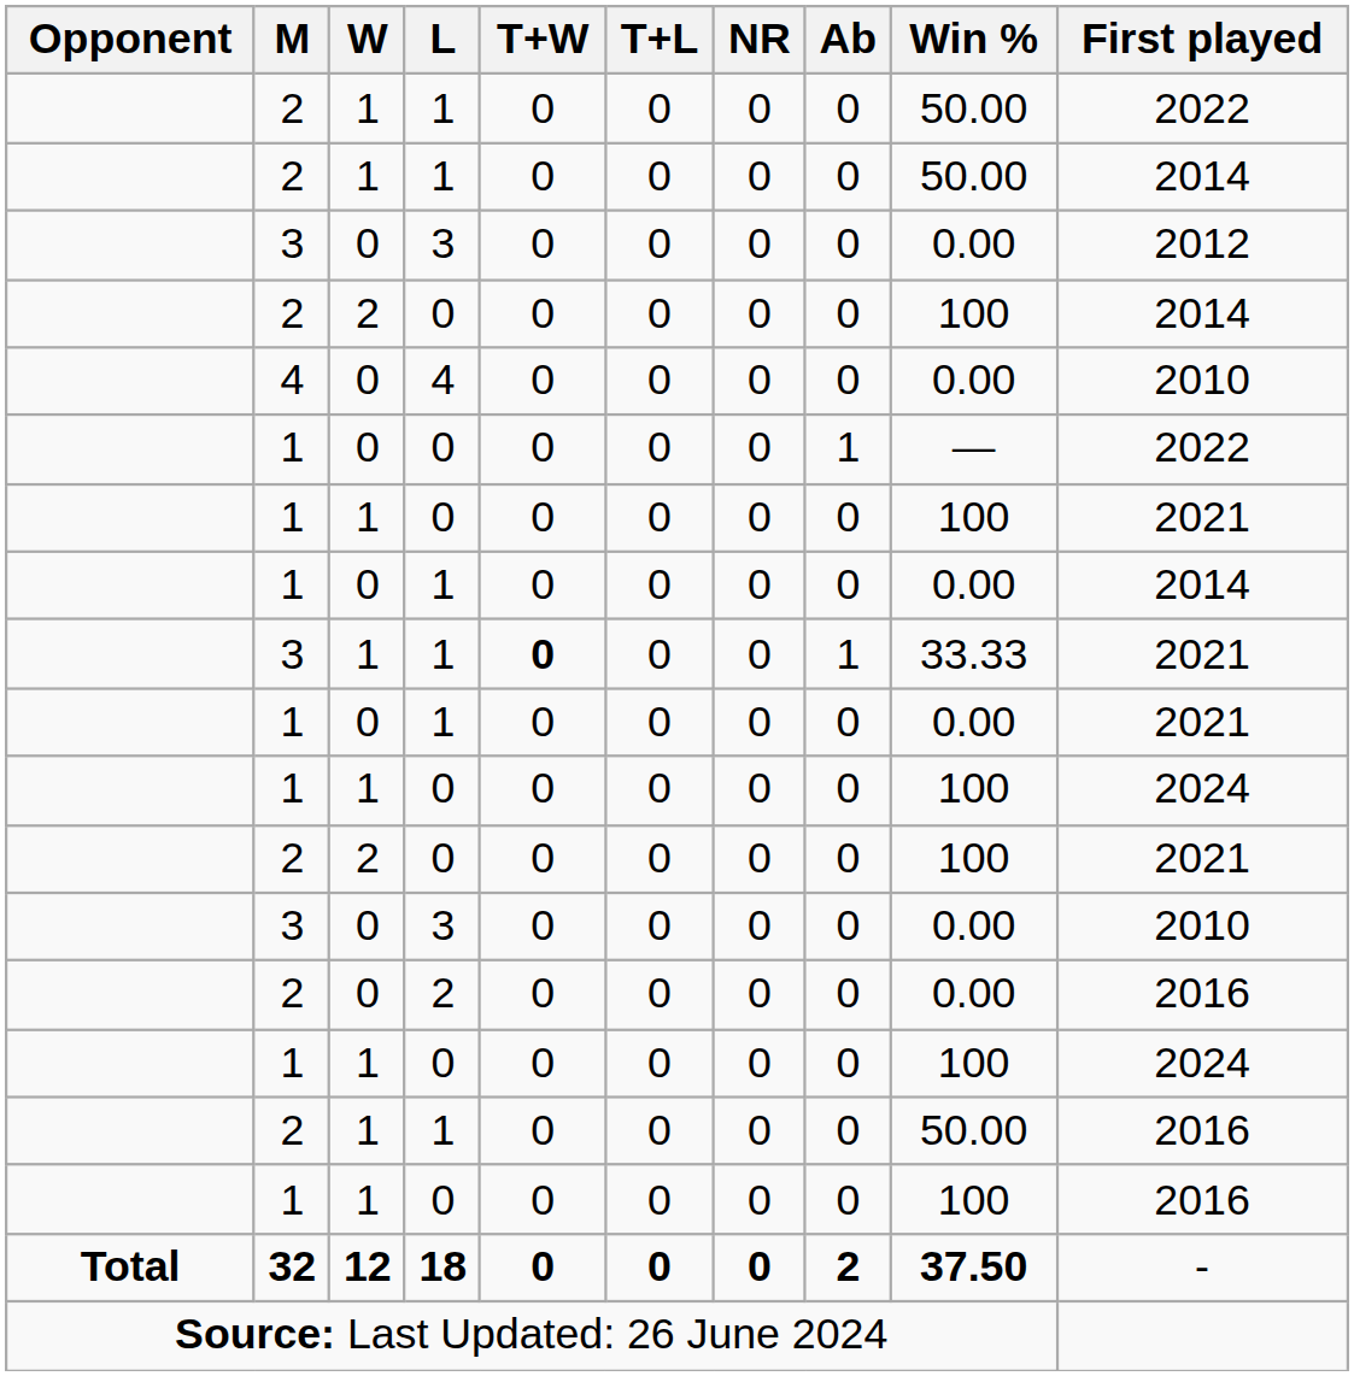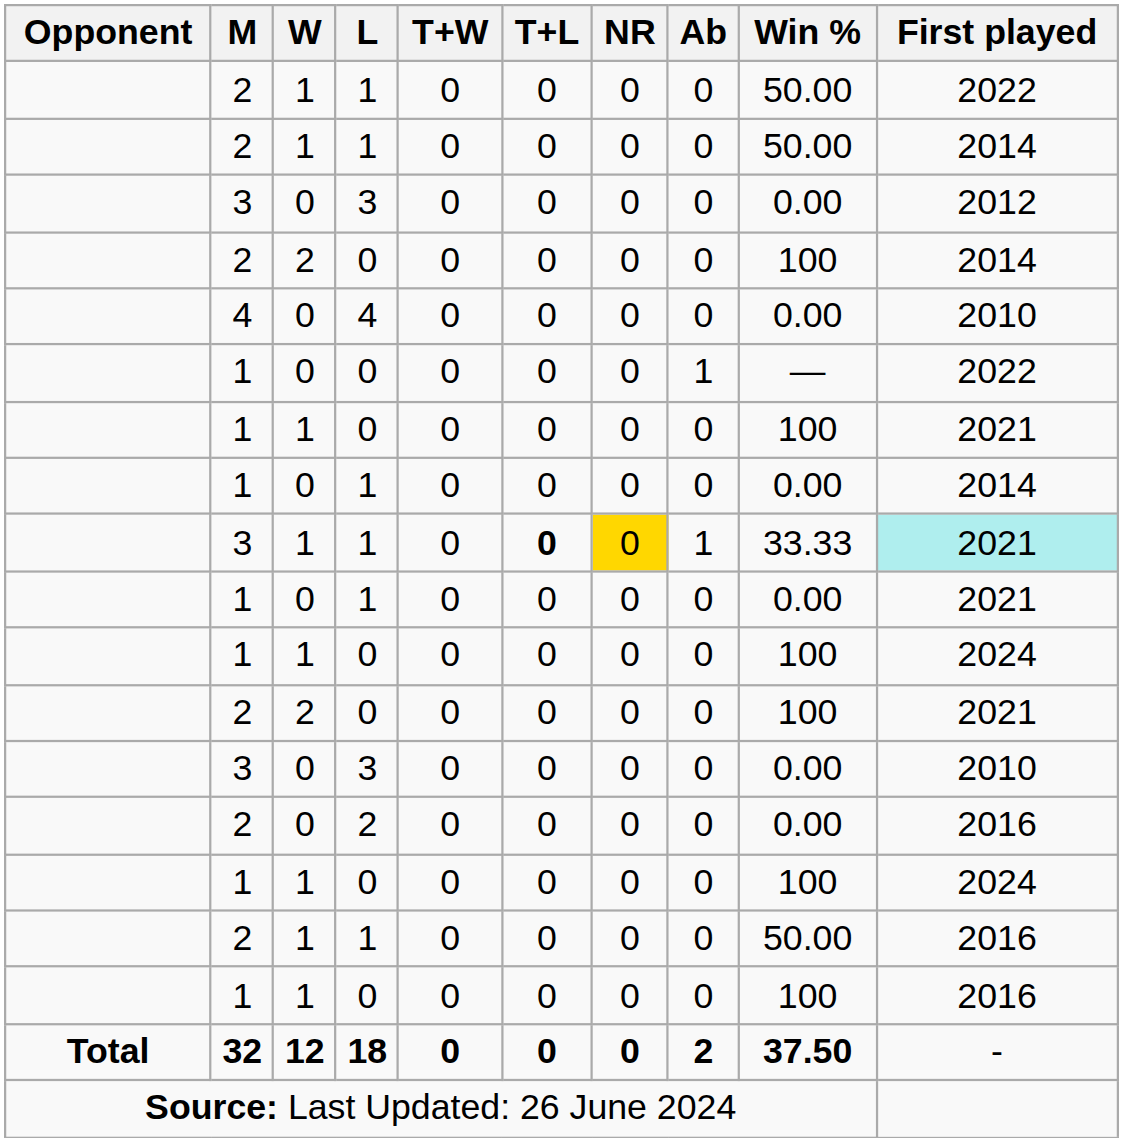 <table class="wikitable" style="text-align: center; width: 500px;">
 <tr>
 <th>Opponent</th>
 <th>M</th>
 <th>W</th>
 <th>L</th>
 <th>T+W</th>
 <th>T+L</th>
 <th>NR</th>
 <th>Ab</th>
 <th>Win %</th>
 <th>First played</th>
 </tr>
 <tr>
 <td align="left"></td>
 <td>2</td>
 <td>1</td>
 <td>1</td>
 <td>0</td>
 <td>0</td>
 <td>0</td>
 <td>0</td>
 <td>50.00</td>
 <td>2022</td>
 </tr>
 <tr>
 <td align="left"></td>
 <td>2</td>
 <td>1</td>
 <td>1</td>
 <td>0</td>
 <td>0</td>
 <td>0</td>
 <td>0</td>
 <td>50.00</td>
 <td>2014</td>
 </tr>
 <tr>
 <td align="left"></td>
 <td>3</td>
 <td>0</td>
 <td>3</td>
 <td>0</td>
 <td>0</td>
 <td>0</td>
 <td>0</td>
 <td>0.00</td>
 <td>2012</td>
 </tr>
 <tr>
 <td align="left"></td>
 <td>2</td>
 <td>2</td>
 <td>0</td>
 <td>0</td>
 <td>0</td>
 <td>0</td>
 <td>0</td>
 <td>100</td>
 <td>2014</td>
 </tr>
 <tr>
 <td align="left"></td>
 <td>4</td>
 <td>0</td>
 <td>4</td>
 <td>0</td>
 <td>0</td>
 <td>0</td>
 <td>0</td>
 <td>0.00</td>
 <td>2010</td>
 </tr>
 <tr>
 <td align="left"></td>
 <td>1</td>
 <td>0</td>
 <td>0</td>
 <td>0</td>
 <td>0</td>
 <td>0</td>
 <td>1</td>
 <td>—</td>
 <td>2022</td>
 </tr>
 <tr>
 <td align="left"></td>
 <td>1</td>
 <td>1</td>
 <td>0</td>
 <td>0</td>
 <td>0</td>
 <td>0</td>
 <td>0</td>
 <td>100</td>
 <td>2021</td>
 </tr>
 <tr>
 <td align="left"></td>
 <td>1</td>
 <td>0</td>
 <td>1</td>
 <td>0</td>
 <td>0</td>
 <td>0</td>
 <td>0</td>
 <td>0.00</td>
 <td>2014</td>
 </tr>
 <tr>
 <td align="left"></td>
 <td>3</td>
 <td>1</td>
 <td>1</td>
+<td>0</td>
 <td><strong>0</strong></td>
-<td>0</td>
-<td>0</td>
+<td style="background: gold;">0</td>
 <td>1</td>
 <td>33.33</td>
-<td>2021</td>
+<td style="background: paleturquoise;">2021</td>
 </tr>
 <tr>
 <td align="left"></td>
 <td>1</td>
 <td>0</td>
 <td>1</td>
 <td>0</td>
 <td>0</td>
 <td>0</td>
 <td>0</td>
 <td>0.00</td>
 <td>2021</td>
 </tr>
 <tr>
 <td align="left"></td>
 <td>1</td>
 <td>1</td>
 <td>0</td>
 <td>0</td>
 <td>0</td>
 <td>0</td>
 <td>0</td>
 <td>100</td>
 <td>2024</td>
 </tr>
 <tr>
 <td align="left"></td>
 <td>2</td>
 <td>2</td>
 <td>0</td>
 <td>0</td>
 <td>0</td>
 <td>0</td>
 <td>0</td>
 <td>100</td>
 <td>2021</td>
 </tr>
 <tr>
 <td align="left"></td>
 <td>3</td>
 <td>0</td>
 <td>3</td>
 <td>0</td>
 <td>0</td>
 <td>0</td>
 <td>0</td>
 <td>0.00</td>
 <td>2010</td>
 </tr>
 <tr>
 <td align="left"></td>
 <td>2</td>
 <td>0</td>
 <td>2</td>
 <td>0</td>
 <td>0</td>
 <td>0</td>
 <td>0</td>
 <td>0.00</td>
 <td>2016</td>
 </tr>
 <tr>
 <td align="left"></td>
 <td>1</td>
 <td>1</td>
 <td>0</td>
 <td>0</td>
 <td>0</td>
 <td>0</td>
 <td>0</td>
 <td>100</td>
 <td>2024</td>
 </tr>
 <tr>
 <td align="left"></td>
 <td>2</td>
 <td>1</td>
 <td>1</td>
 <td>0</td>
 <td>0</td>
 <td>0</td>
 <td>0</td>
 <td>50.00</td>
 <td>2016</td>
 </tr>
 <tr>
 <td align="left"></td>
 <td>1</td>
 <td>1</td>
 <td>0</td>
 <td>0</td>
 <td>0</td>
 <td>0</td>
 <td>0</td>
 <td>100</td>
 <td>2016</td>
 </tr>
 <tr>
 <td><strong>Total</strong></td>
 <td><strong>32</strong></td>
 <td><strong>12</strong></td>
 <td><strong>18</strong></td>
 <td><strong>0</strong></td>
 <td><strong>0</strong></td>
 <td><strong>0</strong></td>
 <td><strong>2</strong></td>
 <td><strong>37.50</strong></td>
 <td>-</td>
 </tr>
 <tr>
 <td colspan="9"><strong>Source:</strong> Last Updated: 26 June 2024</td>
 </tr>
 <tr>
 </tr>
 </table>
